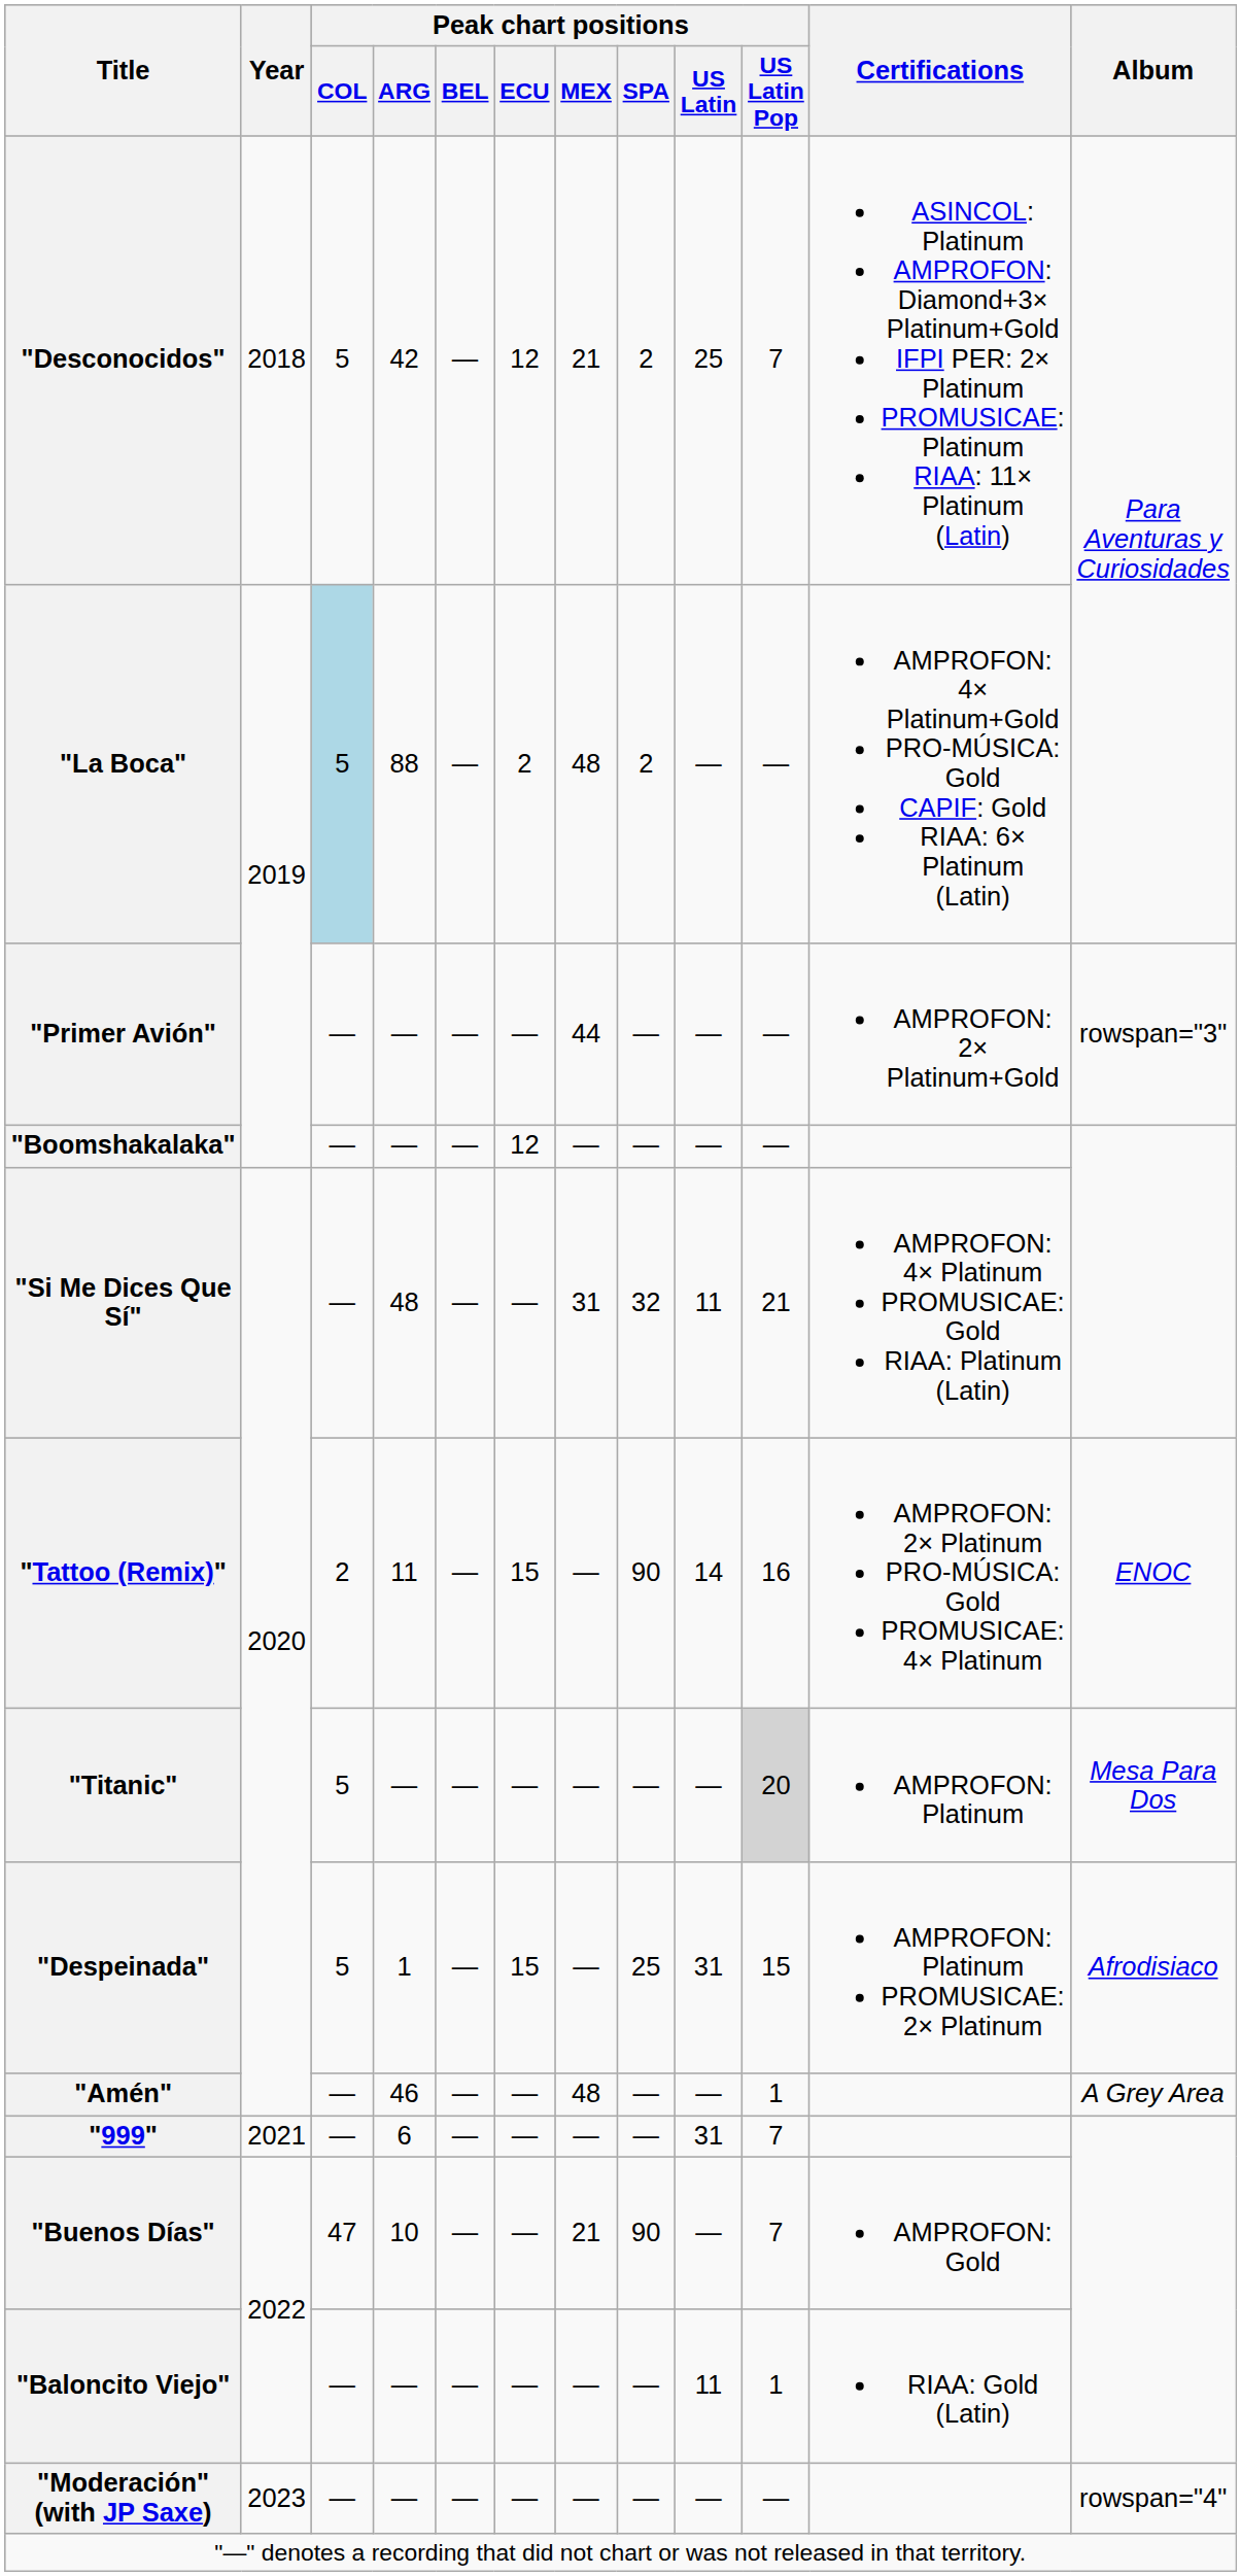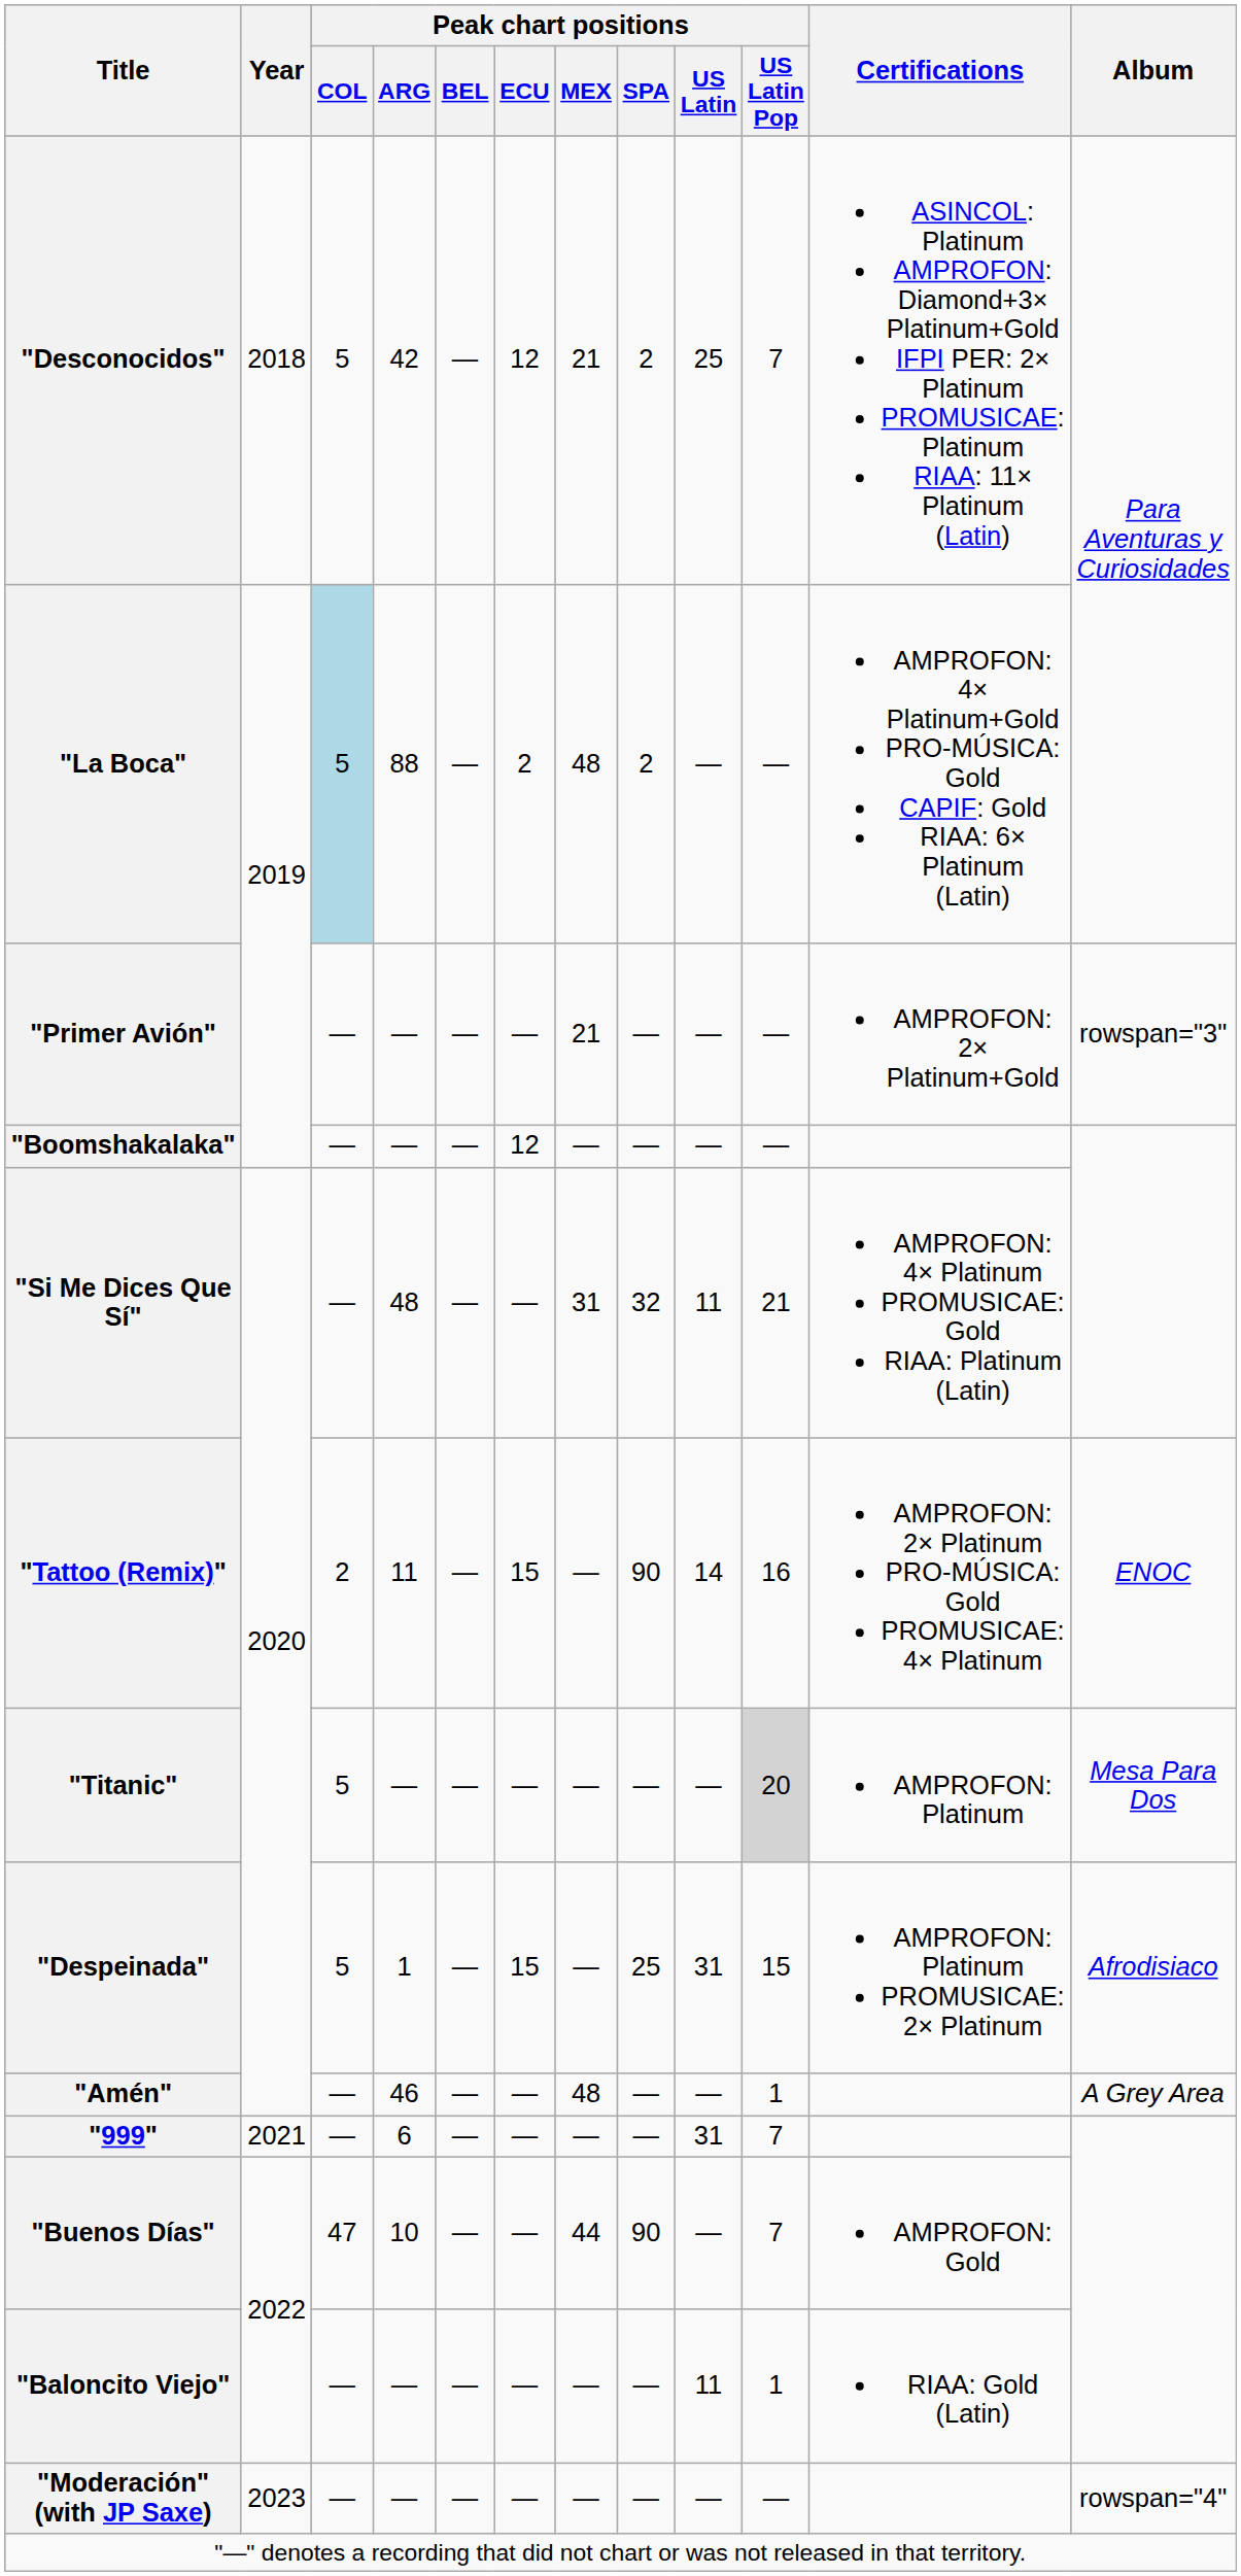 <table class="wikitable plainrowheaders" style="text-align:center;">
 <tr>
 <th scope="col" rowspan="2" style="width:16em;">Title</th>
 <th scope="col" rowspan="2">Year</th>
 <th scope="col" colspan="8">Peak chart positions</th>
 <th scope="col" rowspan="2"><a href='#'>Certifications</a></th>
 <th scope="col" rowspan="2">Album</th>
 </tr>
 <tr>
 <th scope="col" style="width:3em;font-size:90%;"><a href='#'>COL</a><br></th>
 <th scope="col" style="width:3em;font-size:90%;"><a href='#'>ARG</a><br></th>
 <th scope="col" style="width:3em;font-size:90%;"><a href='#'>BEL</a><br></th>
 <th scope="col" style="width:3em;font-size:90%;"><a href='#'>ECU</a><br></th>
 <th scope="col" style="width:3em;font-size:90%;"><a href='#'>MEX</a><br></th>
 <th scope="col" style="width:3em;font-size:90%;"><a href='#'>SPA</a><br></th>
 <th scope="col" style="width:3em;font-size:90%;"><a href='#'>US<br>Latin</a><br></th>
 <th scope="col" style="width:3em;font-size:90%;"><a href='#'>US<br>Latin<br>Pop</a><br></th>
 </tr>
 <tr>
 <th scope="row">"Desconocidos"<br></th>
 <td>2018</td>
 <td>5</td>
 <td>42</td>
 <td>—</td>
 <td>12</td>
 <td>21</td>
 <td>2</td>
 <td>25</td>
 <td>7</td>
 <td><br><ul><li><a href='#'>ASINCOL</a>: Platinum</li><li><a href='#'>AMPROFON</a>: Diamond+3× Platinum+Gold</li><li><a href='#'>IFPI</a> PER: 2× Platinum</li><li><a href='#'>PROMUSICAE</a>: Platinum</li><li><a href='#'>RIAA</a>: 11× Platinum <span>(<a href='#'>Latin</a>)</span></li></ul></td>
 <td rowspan="2"><em><a href='#'>Para Aventuras y Curiosidades</a></em></td>
 </tr>
 <tr>
 <th scope="row">"La Boca"<br></th>
 <td rowspan="3">2019</td>
 <td style="background: lightblue;">5</td>
 <td>88</td>
 <td>—</td>
 <td>2</td>
 <td>48</td>
 <td>2</td>
 <td>—</td>
 <td>—</td>
 <td><br><ul><li>AMPROFON: 4× Platinum+Gold</li><li>PRO-MÚSICA: Gold </li><li><a href='#'>CAPIF</a>: Gold</li><li>RIAA: 6× Platinum <span>(Latin)</span></li></ul></td>
 </tr>
 <tr>
 <th scope="row">"Primer Avión"<br></th>
 <td>—</td>
 <td>—</td>
 <td>—</td>
 <td>—</td>
-<td>44</td>
+<td>21</td>
 <td>—</td>
 <td>—</td>
 <td>—</td>
 <td><br><ul><li>AMPROFON: 2× Platinum+Gold</li></ul></td>
 <td>rowspan="3" </td>
 </tr>
 <tr>
 <th scope="row">"Boomshakalaka" <br></th>
 <td>—</td>
 <td>—</td>
 <td>—</td>
 <td>12</td>
 <td>—</td>
 <td>—</td>
 <td>—</td>
 <td>—</td>
 <td></td>
 </tr>
 <tr>
 <th scope="row">"Si Me Dices Que Sí" <br></th>
 <td rowspan="5">2020</td>
 <td>—</td>
 <td>48</td>
 <td>—</td>
 <td>—</td>
 <td>31</td>
 <td>32</td>
 <td>11</td>
 <td>21</td>
 <td><br><ul><li>AMPROFON: 4× Platinum</li><li>PROMUSICAE: Gold</li><li>RIAA: Platinum <span>(Latin)</span></li></ul></td>
 </tr>
 <tr>
 <th scope="row">"<a href='#'>Tattoo (Remix)</a>"<br></th>
 <td>2</td>
 <td>11</td>
 <td>—</td>
 <td>15</td>
 <td>—</td>
 <td>90</td>
 <td>14</td>
 <td>16</td>
 <td><br><ul><li>AMPROFON: 2× Platinum</li><li>PRO-MÚSICA: Gold </li><li>PROMUSICAE: 4× Platinum</li></ul></td>
 <td><em><a href='#'>ENOC</a></em></td>
 </tr>
 <tr>
 <th scope="row">"Titanic"<br></th>
 <td>5</td>
 <td>—</td>
 <td>—</td>
 <td>—</td>
 <td>—</td>
 <td>—</td>
 <td>—</td>
 <td style="background: lightgrey;">20</td>
 <td><br><ul><li>AMPROFON: Platinum</li></ul></td>
 <td><em><a href='#'>Mesa Para Dos</a></em></td>
 </tr>
 <tr>
 <th scope="row">"Despeinada"<br></th>
 <td>5</td>
 <td>1</td>
 <td>—</td>
 <td>15</td>
 <td>—</td>
 <td>25</td>
 <td>31</td>
 <td>15</td>
 <td><br><ul><li>AMPROFON: Platinum</li><li>PROMUSICAE: 2× Platinum</li></ul></td>
 <td><em><a href='#'>Afrodisiaco</a></em></td>
 </tr>
 <tr>
 <th scope="row">"Amén"<br></th>
 <td>—</td>
 <td>46</td>
 <td>—</td>
 <td>—</td>
 <td>48</td>
 <td>—</td>
 <td>—</td>
 <td>1</td>
 <td></td>
 <td><em>A Grey Area</em></td>
 </tr>
 <tr>
 <th scope="row">"<a href='#'>999</a>" <br></th>
 <td>2021</td>
 <td>—</td>
 <td>6</td>
 <td>—</td>
 <td>—</td>
 <td>—</td>
 <td>—</td>
 <td>31</td>
 <td>7</td>
 <td></td>
 </tr>
 <tr>
 <th scope="row">"Buenos Días" <br></th>
 <td rowspan="2">2022</td>
 <td>47</td>
 <td>10</td>
 <td>—</td>
 <td>—</td>
-<td>21</td>
+<td>44</td>
 <td>90</td>
 <td>—</td>
 <td>7</td>
 <td><br><ul><li>AMPROFON: Gold</li></ul></td>
 </tr>
 <tr>
 <th scope="row">"Baloncito Viejo" <br></th>
 <td>—</td>
 <td>—</td>
 <td>—</td>
 <td>—</td>
 <td>—</td>
 <td>—</td>
 <td>11</td>
 <td>1</td>
 <td><br><ul><li>RIAA: Gold <span>(Latin)</span></li></ul></td>
 </tr>
 <tr>
 <th scope="row">"Moderación"<br><span>(with <a href='#'>JP Saxe</a>)</span></th>
 <td>2023</td>
 <td>—</td>
 <td>—</td>
 <td>—</td>
 <td>—</td>
 <td>—</td>
 <td>—</td>
 <td>—</td>
 <td>—</td>
 <td></td>
 <td>rowspan="4" </td>
 </tr>
 <tr>
 <td colspan="14" style="font-size:90%">"—" denotes a recording that did not chart or was not released in that territory.</td>
 </tr>
 </table>
